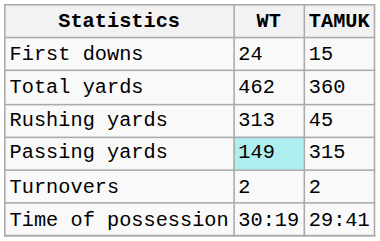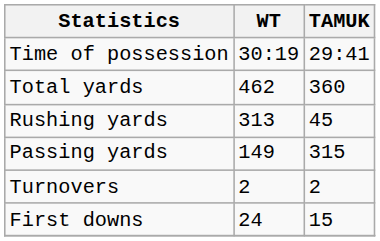 <table class="wikitable">
 <tr>
 <th>Statistics</th>
 <th>WT</th>
 <th>TAMUK</th>
 </tr>
 <tr>
-<td>First downs</td>
-<td>24</td>
-<td>15</td>
+<td>Time of possession</td>
+<td>30:19</td>
+<td>29:41</td>
 </tr>
 <tr>
 <td>Total yards</td>
 <td>462</td>
 <td>360</td>
 </tr>
 <tr>
 <td>Rushing yards</td>
 <td>313</td>
 <td>45</td>
 </tr>
 <tr>
 <td>Passing yards</td>
-<td style="background: paleturquoise;">149</td>
+<td>149</td>
 <td>315</td>
 </tr>
 <tr>
 <td>Turnovers</td>
 <td>2</td>
 <td>2</td>
 </tr>
 <tr>
-<td>Time of possession</td>
-<td>30:19</td>
-<td>29:41</td>
+<td>First downs</td>
+<td>24</td>
+<td>15</td>
 </tr>
 <tr>
 </tr>
 </table>
